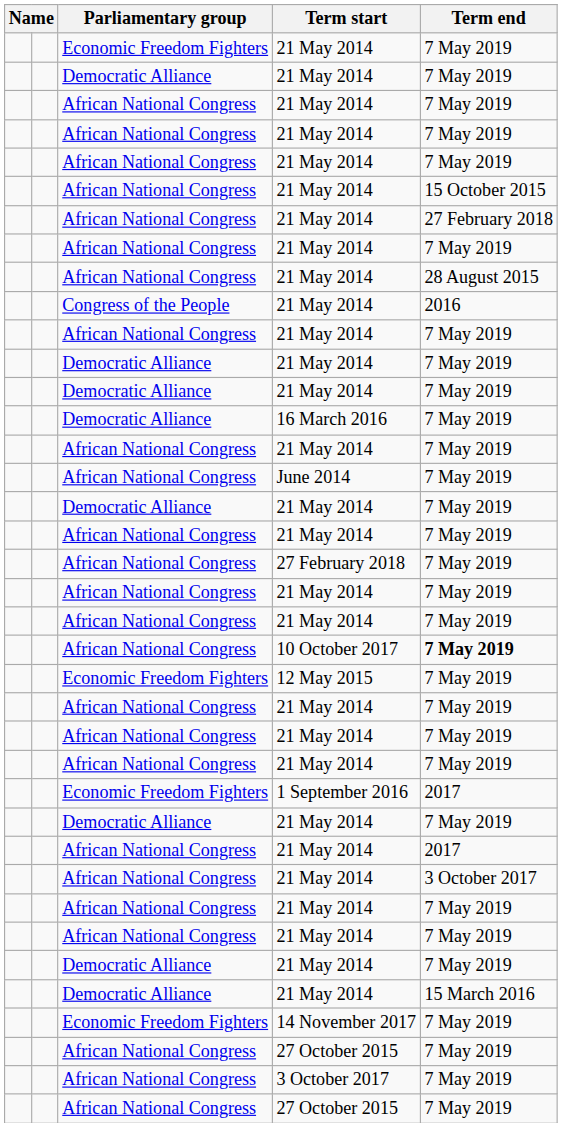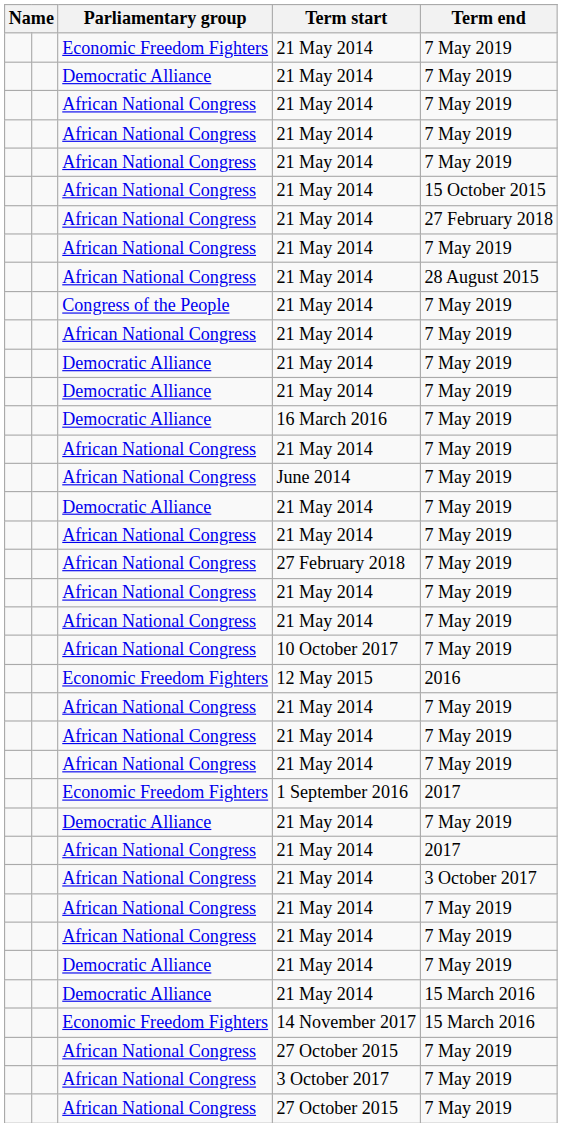 <table class="wikitable sortable">
 <tr>
 <th scope=col colspan=2>Name</th>
 <th scope=col>Parliamentary group</th>
 <th scope=col>Term start</th>
 <th scope=col>Term end</th>
 </tr>
 <tr>
 <td style="background-color: "></td>
 <td></td>
 <td><a href='#'>Economic Freedom Fighters</a></td>
 <td>21 May 2014</td>
 <td>7 May 2019</td>
 </tr>
 <tr>
 <td style="background-color: "></td>
 <td></td>
 <td><a href='#'>Democratic Alliance</a></td>
 <td>21 May 2014</td>
 <td>7 May 2019</td>
 </tr>
 <tr>
 <td style="background-color: "></td>
 <td></td>
 <td><a href='#'>African National Congress</a></td>
 <td>21 May 2014</td>
 <td>7 May 2019</td>
 </tr>
 <tr>
 <td style="background-color: "></td>
 <td></td>
 <td><a href='#'>African National Congress</a></td>
 <td>21 May 2014</td>
 <td>7 May 2019</td>
 </tr>
 <tr>
 <td style="background-color: "></td>
 <td></td>
 <td><a href='#'>African National Congress</a></td>
 <td>21 May 2014</td>
 <td>7 May 2019</td>
 </tr>
 <tr>
 <td style="background-color: "></td>
 <td></td>
 <td><a href='#'>African National Congress</a></td>
 <td>21 May 2014</td>
 <td>15 October 2015</td>
 </tr>
 <tr>
 <td style="background-color: "></td>
 <td></td>
 <td><a href='#'>African National Congress</a></td>
 <td>21 May 2014</td>
 <td>27 February 2018</td>
 </tr>
 <tr>
 <td style="background-color: "></td>
 <td></td>
 <td><a href='#'>African National Congress</a></td>
 <td>21 May 2014</td>
 <td>7 May 2019</td>
 </tr>
 <tr>
 <td style="background-color: "></td>
 <td></td>
 <td><a href='#'>African National Congress</a></td>
 <td>21 May 2014</td>
 <td>28 August 2015</td>
 </tr>
 <tr>
 <td style="background-color: "></td>
 <td></td>
 <td><a href='#'>Congress of the People</a></td>
 <td>21 May 2014</td>
-<td>2016</td>
+<td>7 May 2019</td>
 </tr>
 <tr>
 <td style="background-color: "></td>
 <td></td>
 <td><a href='#'>African National Congress</a></td>
 <td>21 May 2014</td>
 <td>7 May 2019</td>
 </tr>
 <tr>
 <td style="background-color: "></td>
 <td></td>
 <td><a href='#'>Democratic Alliance</a></td>
 <td>21 May 2014</td>
 <td>7 May 2019</td>
 </tr>
 <tr>
 <td style="background-color: "></td>
 <td></td>
 <td><a href='#'>Democratic Alliance</a></td>
 <td>21 May 2014</td>
 <td>7 May 2019</td>
 </tr>
 <tr>
 <td style="background-color: "></td>
 <td></td>
 <td><a href='#'>Democratic Alliance</a></td>
 <td>16 March 2016</td>
 <td>7 May 2019</td>
 </tr>
 <tr>
 <td style="background-color: "></td>
 <td></td>
 <td><a href='#'>African National Congress</a></td>
 <td>21 May 2014</td>
 <td>7 May 2019</td>
 </tr>
 <tr>
 <td style="background-color: "></td>
 <td></td>
 <td><a href='#'>African National Congress</a></td>
 <td>June 2014</td>
 <td>7 May 2019</td>
 </tr>
 <tr>
 <td style="background-color: "></td>
 <td></td>
 <td><a href='#'>Democratic Alliance</a></td>
 <td>21 May 2014</td>
 <td>7 May 2019</td>
 </tr>
 <tr>
 <td style="background-color: "></td>
 <td></td>
 <td><a href='#'>African National Congress</a></td>
 <td>21 May 2014</td>
 <td>7 May 2019</td>
 </tr>
 <tr>
 <td style="background-color: "></td>
 <td></td>
 <td><a href='#'>African National Congress</a></td>
 <td>27 February 2018</td>
 <td>7 May 2019</td>
 </tr>
 <tr>
 <td style="background-color: "></td>
 <td></td>
 <td><a href='#'>African National Congress</a></td>
 <td>21 May 2014</td>
 <td>7 May 2019</td>
 </tr>
 <tr>
 <td style="background-color: "></td>
 <td></td>
 <td><a href='#'>African National Congress</a></td>
 <td>21 May 2014</td>
 <td>7 May 2019</td>
 </tr>
 <tr>
 <td style="background-color: "></td>
 <td></td>
 <td><a href='#'>African National Congress</a></td>
 <td>10 October 2017</td>
-<td><strong>7 May 2019</strong></td>
+<td>7 May 2019</td>
 </tr>
 <tr>
 <td style="background-color: "></td>
 <td></td>
 <td><a href='#'>Economic Freedom Fighters</a></td>
 <td>12 May 2015</td>
-<td>7 May 2019</td>
+<td>2016</td>
 </tr>
 <tr>
 <td style="background-color: "></td>
 <td></td>
 <td><a href='#'>African National Congress</a></td>
 <td>21 May 2014</td>
 <td>7 May 2019</td>
 </tr>
 <tr>
 <td style="background-color: "></td>
 <td></td>
 <td><a href='#'>African National Congress</a></td>
 <td>21 May 2014</td>
 <td>7 May 2019</td>
 </tr>
 <tr>
 <td style="background-color: "></td>
 <td></td>
 <td><a href='#'>African National Congress</a></td>
 <td>21 May 2014</td>
 <td>7 May 2019</td>
 </tr>
 <tr>
 <td style="background-color: "></td>
 <td></td>
 <td><a href='#'>Economic Freedom Fighters</a></td>
 <td>1 September 2016</td>
 <td>2017</td>
 </tr>
 <tr>
 <td style="background-color: "></td>
 <td></td>
 <td><a href='#'>Democratic Alliance</a></td>
 <td>21 May 2014</td>
 <td>7 May 2019</td>
 </tr>
 <tr>
 <td style="background-color: "></td>
 <td></td>
 <td><a href='#'>African National Congress</a></td>
 <td>21 May 2014</td>
 <td>2017</td>
 </tr>
 <tr>
 <td style="background-color: "></td>
 <td></td>
 <td><a href='#'>African National Congress</a></td>
 <td>21 May 2014</td>
 <td>3 October 2017</td>
 </tr>
 <tr>
 <td style="background-color: "></td>
 <td></td>
 <td><a href='#'>African National Congress</a></td>
 <td>21 May 2014</td>
 <td>7 May 2019</td>
 </tr>
 <tr>
 <td style="background-color: "></td>
 <td></td>
 <td><a href='#'>African National Congress</a></td>
 <td>21 May 2014</td>
 <td>7 May 2019</td>
 </tr>
 <tr>
 <td style="background-color: "></td>
 <td></td>
 <td><a href='#'>Democratic Alliance</a></td>
 <td>21 May 2014</td>
 <td>7 May 2019</td>
 </tr>
 <tr>
 <td style="background-color: "></td>
 <td></td>
 <td><a href='#'>Democratic Alliance</a></td>
 <td>21 May 2014</td>
 <td>15 March 2016</td>
 </tr>
 <tr>
 <td style="background-color: "></td>
 <td></td>
 <td><a href='#'>Economic Freedom Fighters</a></td>
 <td>14 November 2017</td>
-<td>7 May 2019</td>
+<td>15 March 2016</td>
 </tr>
 <tr>
 <td style="background-color: "></td>
 <td></td>
 <td><a href='#'>African National Congress</a></td>
 <td>27 October 2015</td>
 <td>7 May 2019</td>
 </tr>
 <tr>
 <td style="background-color: "></td>
 <td></td>
 <td><a href='#'>African National Congress</a></td>
 <td>3 October 2017</td>
 <td>7 May 2019</td>
 </tr>
 <tr>
 <td style="background-color: "></td>
 <td></td>
 <td><a href='#'>African National Congress</a></td>
 <td>27 October 2015</td>
 <td>7 May 2019</td>
 </tr>
 </table>
